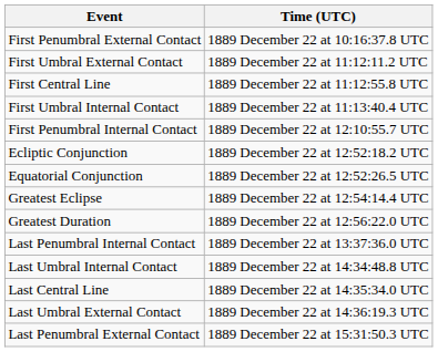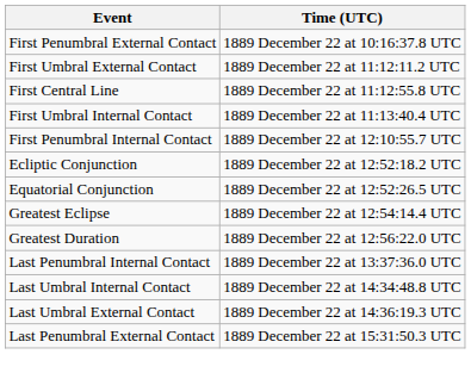 <table class="wikitable">
 <tr>
 <th>Event</th>
 <th>Time (UTC)</th>
 </tr>
 <tr>
 <td>First Penumbral External Contact</td>
 <td>1889 December 22 at 10:16:37.8 UTC</td>
 </tr>
 <tr>
 <td>First Umbral External Contact</td>
 <td>1889 December 22 at 11:12:11.2 UTC</td>
 </tr>
 <tr>
 <td>First Central Line</td>
 <td>1889 December 22 at 11:12:55.8 UTC</td>
 </tr>
 <tr>
 <td>First Umbral Internal Contact</td>
 <td>1889 December 22 at 11:13:40.4 UTC</td>
 </tr>
 <tr>
 <td>First Penumbral Internal Contact</td>
 <td>1889 December 22 at 12:10:55.7 UTC</td>
 </tr>
 <tr>
 <td>Ecliptic Conjunction</td>
 <td>1889 December 22 at 12:52:18.2 UTC</td>
 </tr>
 <tr>
 <td>Equatorial Conjunction</td>
 <td>1889 December 22 at 12:52:26.5 UTC</td>
 </tr>
 <tr>
 <td>Greatest Eclipse</td>
 <td>1889 December 22 at 12:54:14.4 UTC</td>
 </tr>
 <tr>
 <td>Greatest Duration</td>
 <td>1889 December 22 at 12:56:22.0 UTC</td>
 </tr>
 <tr>
 <td>Last Penumbral Internal Contact</td>
 <td>1889 December 22 at 13:37:36.0 UTC</td>
 </tr>
 <tr>
 <td>Last Umbral Internal Contact</td>
 <td>1889 December 22 at 14:34:48.8 UTC</td>
 </tr>
 <tr>
-<td>Last Central Line</td>
-<td>1889 December 22 at 14:35:34.0 UTC</td>
-</tr>
-<tr>
 <td>Last Umbral External Contact</td>
 <td>1889 December 22 at 14:36:19.3 UTC</td>
 </tr>
 <tr>
 <td>Last Penumbral External Contact</td>
 <td>1889 December 22 at 15:31:50.3 UTC</td>
 </tr>
 </table>
